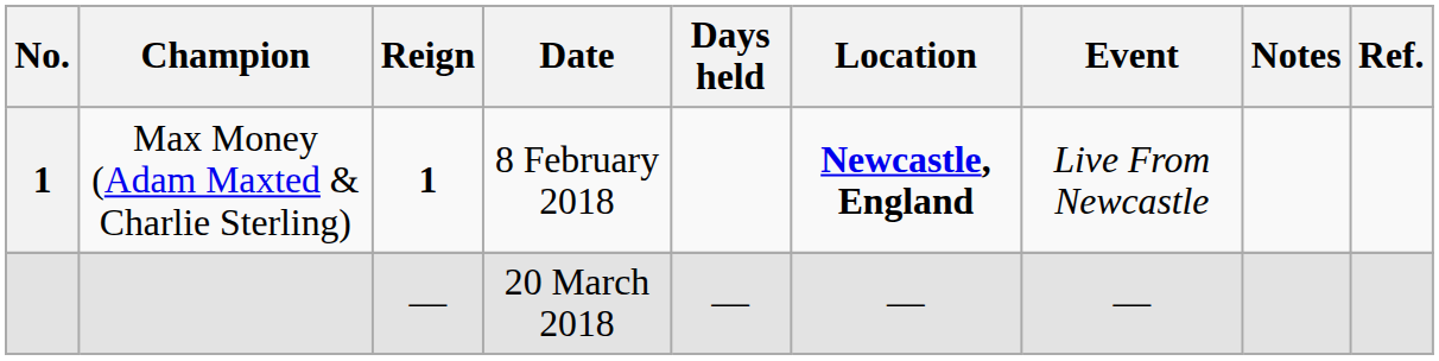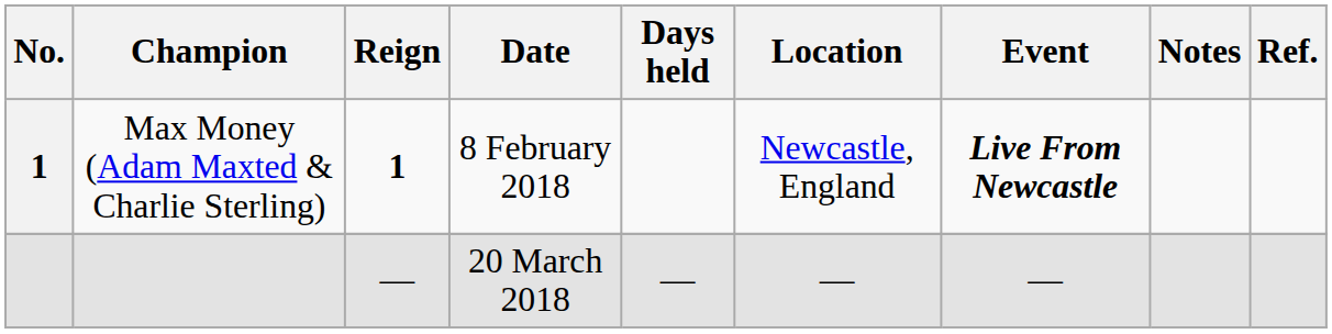 <table class="wikitable sortable" style="text-align: center">
 <tr>
 <th>No.</th>
 <th>Champion</th>
 <th>Reign</th>
 <th>Date</th>
 <th>Days held</th>
 <th>Location</th>
 <th>Event</th>
 <th>Notes</th>
 <th>Ref.</th>
 </tr>
 <tr>
 <th>1</th>
 <td>Max Money <br>(<a href='#'>Adam Maxted</a> & Charlie Sterling)</td>
 <td><strong>1</strong></td>
 <td>8 February 2018</td>
 <td></td>
-<td><strong><a href='#'>Newcastle</a>, England</strong></td>
-<td><em>Live From Newcastle</em></td>
+<td><a href='#'>Newcastle</a>, England</td>
+<td><strong><em>Live From Newcastle</em></strong></td>
 <td align="left"></td>
 <td></td>
 </tr>
 <tr>
 </tr>
 <tr style="background-color:#e3e3e3">
 <td></td>
 <td></td>
 <td>—</td>
 <td>20 March 2018</td>
 <td>—</td>
 <td>—</td>
 <td>—</td>
 <td align="left"></td>
 <td></td>
 </tr>
 </table>
